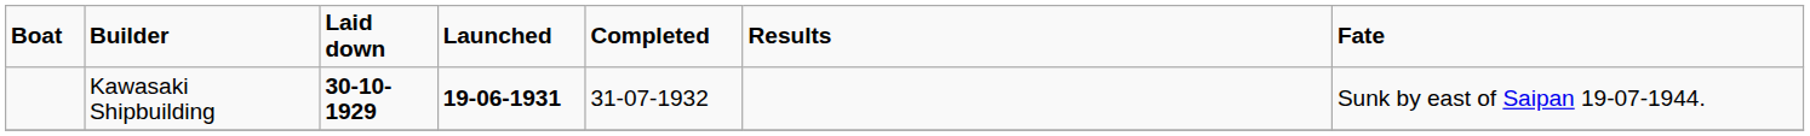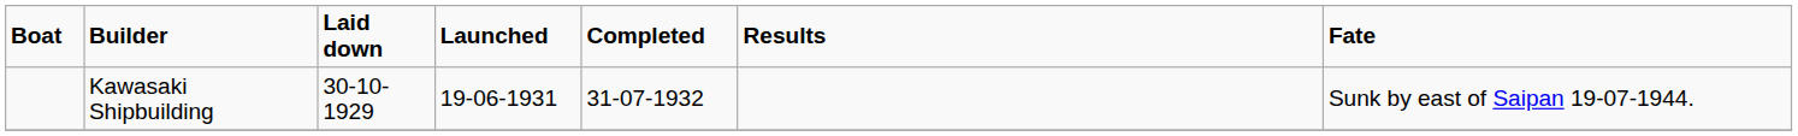 <table class="wikitable">
 <tr>
 <td width="3%"><strong>Boat</strong></td>
 <td width="10%"><strong>Builder</strong></td>
 <td width="5%"><strong>Laid down</strong></td>
 <td width="5%"><strong>Launched</strong></td>
 <td width="5%"><strong>Completed</strong></td>
 <td width="25%"><strong>Results</strong></td>
 <td width="20%"><strong>Fate</strong></td>
 </tr>
 <tr>
 <td></td>
 <td>Kawasaki Shipbuilding</td>
-<td><strong>30-10-1929</strong></td>
-<td><strong>19-06-1931</strong></td>
+<td>30-10-1929</td>
+<td>19-06-1931</td>
 <td>31-07-1932</td>
 <td></td>
 <td>Sunk by  east of <a href='#'>Saipan</a>  19-07-1944.</td>
 </tr>
 <tr>
 </tr>
 </table>
